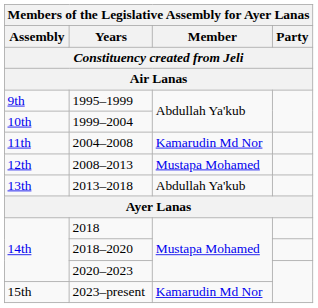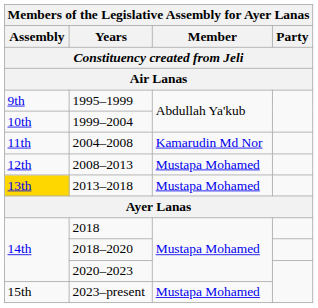 <table class=wikitable>
 <tr>
 <th colspan=4>Members of the Legislative Assembly for Ayer Lanas</th>
 </tr>
 <tr>
 <th>Assembly</th>
 <th>Years</th>
 <th>Member</th>
 <th>Party</th>
 </tr>
 <tr>
 <th colspan=4 align=center><em>Constituency created from Jeli</em></th>
 </tr>
 <tr>
 <th colspan="4">Air Lanas</th>
 </tr>
 <tr>
 <td><a href='#'>9th</a></td>
 <td>1995–1999</td>
 <td rowspan=2>Abdullah Ya'kub</td>
 <td rowspan=2></td>
 </tr>
 <tr>
 <td><a href='#'>10th</a></td>
 <td>1999–2004</td>
 </tr>
 <tr>
 <td><a href='#'>11th</a></td>
 <td>2004–2008</td>
 <td><a href='#'>Kamarudin Md Nor</a></td>
 <td></td>
 </tr>
 <tr>
 <td><a href='#'>12th</a></td>
 <td>2008–2013</td>
 <td><a href='#'>Mustapa Mohamed</a></td>
 <td></td>
 </tr>
 <tr>
-<td><a href='#'>13th</a></td>
+<td style="background: gold;"><a href='#'>13th</a></td>
 <td>2013–2018</td>
-<td>Abdullah Ya'kub</td>
+<td><a href='#'>Mustapa Mohamed</a></td>
 <td></td>
 </tr>
 <tr>
 <th colspan="4">Ayer Lanas</th>
 </tr>
 <tr>
 <td rowspan="3"><a href='#'>14th</a></td>
 <td>2018</td>
 <td rowspan="3"><a href='#'>Mustapa Mohamed</a></td>
 <td></td>
 </tr>
 <tr>
 <td>2018–2020</td>
 <td></td>
 </tr>
 <tr>
 <td>2020–2023</td>
 <td rowspan="2"></td>
 </tr>
 <tr>
 <td>15th</td>
 <td>2023–present</td>
-<td><a href='#'>Kamarudin Md Nor</a></td>
+<td><a href='#'>Mustapa Mohamed</a></td>
 </tr>
 </table>
